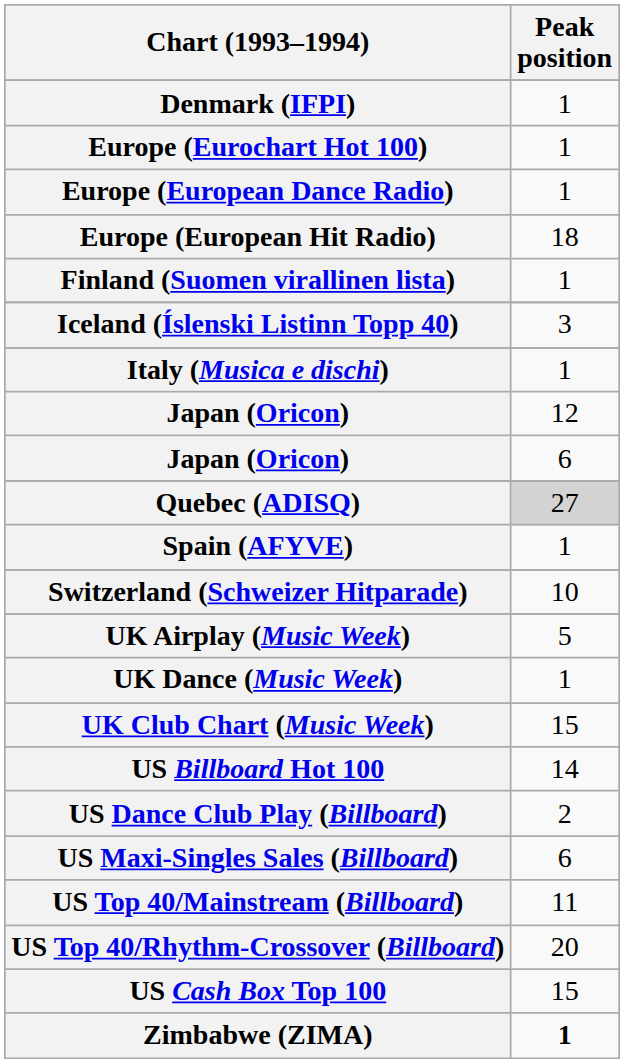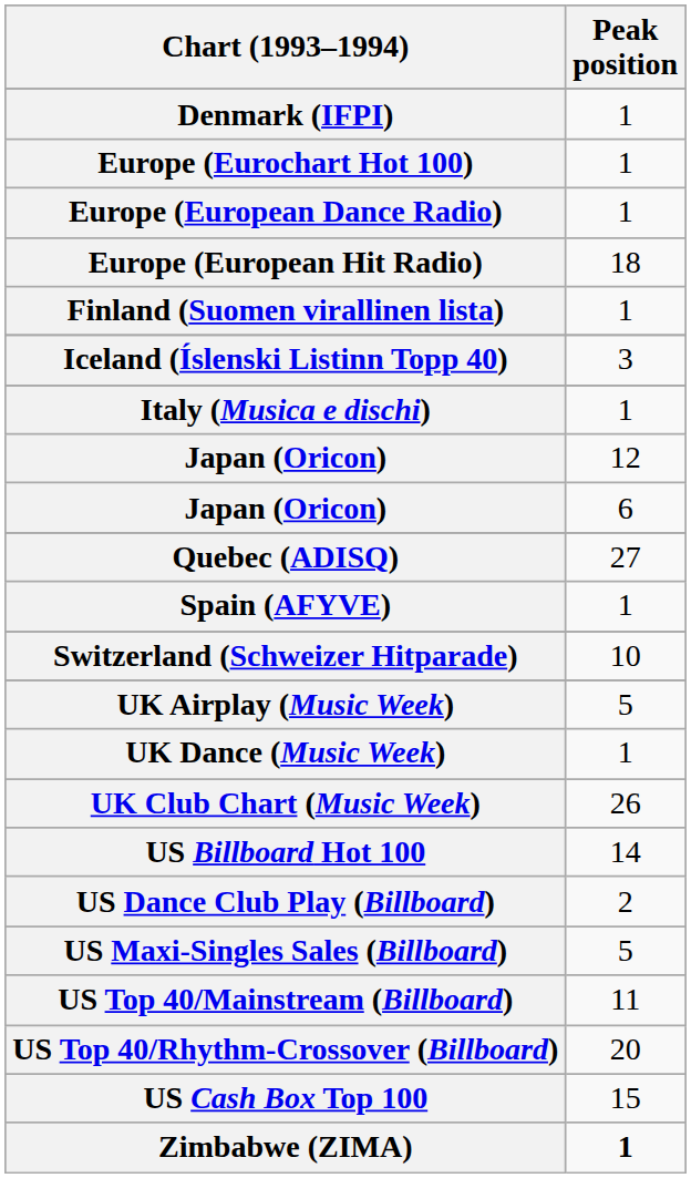 <table class="wikitable sortable plainrowheaders" style="text-align:center">
 <tr>
 <th>Chart (1993–1994)</th>
 <th>Peak<br>position</th>
 </tr>
 <tr>
 </tr>
 <tr>
 </tr>
 <tr>
 </tr>
 <tr>
 </tr>
 <tr>
 </tr>
 <tr>
 <th scope="row">Denmark (<a href='#'>IFPI</a>)</th>
 <td>1</td>
 </tr>
 <tr>
 <th scope="row">Europe (<a href='#'>Eurochart Hot 100</a>)</th>
 <td>1</td>
 </tr>
 <tr>
 <th scope="row">Europe (<a href='#'>European Dance Radio</a>)</th>
 <td>1</td>
 </tr>
 <tr>
 <th scope="row">Europe (European Hit Radio)</th>
 <td>18</td>
 </tr>
 <tr>
 <th scope="row">Finland (<a href='#'>Suomen virallinen lista</a>)</th>
 <td>1</td>
 </tr>
 <tr>
 </tr>
 <tr>
 </tr>
 <tr>
 <th scope="row">Iceland (<a href='#'>Íslenski Listinn Topp 40</a>)</th>
 <td>3</td>
 </tr>
 <tr>
 </tr>
 <tr>
 <th scope="row">Italy (<em><a href='#'>Musica e dischi</a></em>)</th>
 <td>1</td>
 </tr>
 <tr>
 <th scope="row">Japan (<a href='#'>Oricon</a>)</th>
 <td>12</td>
 </tr>
 <tr>
 <th scope="row">Japan (<a href='#'>Oricon</a>)<br></th>
 <td>6</td>
 </tr>
 <tr>
 </tr>
 <tr>
 </tr>
 <tr>
 </tr>
 <tr>
 </tr>
 <tr>
 <th scope="row">Quebec (<a href='#'>ADISQ</a>)</th>
-<td style="background: lightgrey;">27</td>
+<td>27</td>
 </tr>
 <tr>
 <th scope="row">Spain (<a href='#'>AFYVE</a>)</th>
 <td>1</td>
 </tr>
 <tr>
 </tr>
 <tr>
 </tr>
 <tr>
 <th scope="row">Switzerland (<a href='#'>Schweizer Hitparade</a>)<br></th>
 <td>10</td>
 </tr>
 <tr>
 </tr>
 <tr>
 <th scope="row">UK Airplay (<em><a href='#'>Music Week</a></em>)</th>
 <td>5</td>
 </tr>
 <tr>
 <th scope="row">UK Dance (<em><a href='#'>Music Week</a></em>)</th>
 <td>1</td>
 </tr>
 <tr>
 <th scope="row"><a href='#'>UK Club Chart</a> (<em><a href='#'>Music Week</a></em>)</th>
-<td>15</td>
+<td>26</td>
 </tr>
 <tr>
 <th scope="row">US <a href='#'><em>Billboard</em> Hot 100</a></th>
 <td>14</td>
 </tr>
 <tr>
 <th scope="row">US <a href='#'>Dance Club Play</a> (<a href='#'><em>Billboard</em></a>)</th>
 <td>2</td>
 </tr>
 <tr>
 <th scope="row">US <a href='#'>Maxi-Singles Sales</a> (<em><a href='#'>Billboard</a></em>)</th>
-<td>6</td>
+<td>5</td>
 </tr>
 <tr>
 <th scope="row">US <a href='#'>Top 40/Mainstream</a> (<em><a href='#'>Billboard</a></em>)</th>
 <td>11</td>
 </tr>
 <tr>
 <th scope="row">US <a href='#'>Top 40/Rhythm-Crossover</a> (<em><a href='#'>Billboard</a></em>)</th>
 <td>20</td>
 </tr>
 <tr>
 <th scope="row">US <a href='#'><em>Cash Box</em> Top 100</a></th>
 <td>15</td>
 </tr>
 <tr>
 <th scope="row">Zimbabwe (ZIMA)</th>
 <td><strong>1</strong></td>
 </tr>
 </table>
